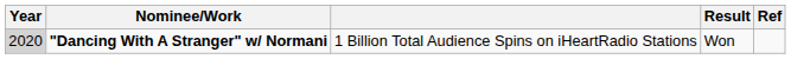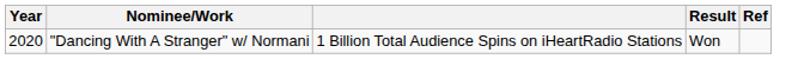 <table class="wikitable">
 <tr>
 <th>Year</th>
 <th>Nominee/Work</th>
 <th></th>
 <th>Result</th>
 <th>Ref</th>
 </tr>
 <tr>
-<td style="background: lightgrey;">2020</td>
-<td><strong>"Dancing With A Stranger" w/ Normani</strong></td>
+<td>2020</td>
+<td>"Dancing With A Stranger" w/ Normani</td>
 <td>1 Billion Total Audience Spins on iHeartRadio Stations</td>
 <td>Won</td>
 <td></td>
 </tr>
 </table>
